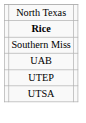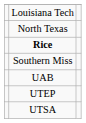 <table class="wikitable" style="display: inline-table;">
 <tr align="center">
+</tr>
+<tr align="center">
+<td></td>
+<td>Louisiana Tech</td>
+<td></td>
 </tr>
 <tr align="center">
 <td></td>
 <td>North Texas</td>
 <td></td>
 </tr>
 <tr align="center">
 <td></td>
 <td><strong>Rice</strong></td>
 <td></td>
 </tr>
 <tr align="center">
 <td></td>
 <td>Southern Miss</td>
 <td></td>
 </tr>
 <tr align="center">
 <td></td>
 <td>UAB</td>
 <td></td>
 </tr>
 <tr align="center">
 <td></td>
 <td>UTEP</td>
 <td></td>
 </tr>
 <tr align="center">
 <td></td>
 <td>UTSA</td>
 <td></td>
 </tr>
 </table>
